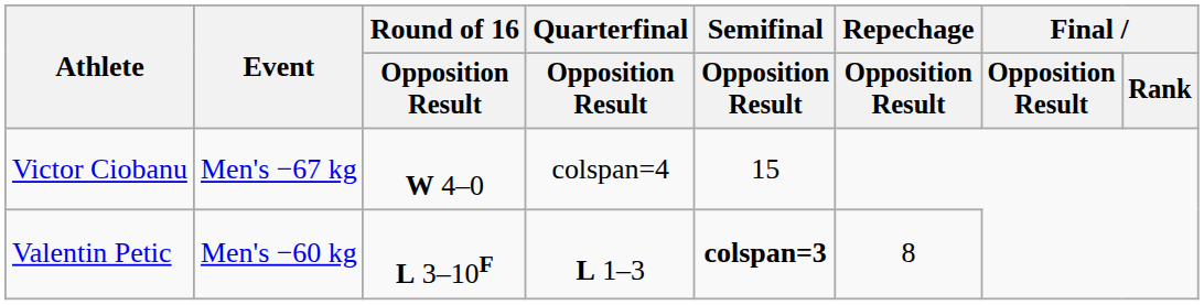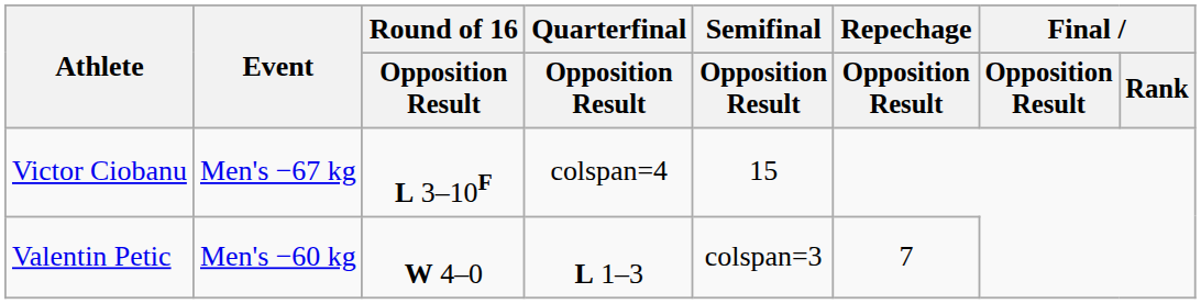 <table class="wikitable" style="font-size:90%">
 <tr>
 <th rowspan=2>Athlete</th>
 <th rowspan=2>Event</th>
 <th>Round of 16</th>
 <th>Quarterfinal</th>
 <th>Semifinal</th>
 <th>Repechage</th>
 <th colspan=2>Final / </th>
 </tr>
 <tr style="font-size: 95%">
 <th>Opposition<br>Result</th>
 <th>Opposition<br>Result</th>
 <th>Opposition<br>Result</th>
 <th>Opposition<br>Result</th>
 <th>Opposition<br>Result</th>
 <th>Rank</th>
 </tr>
 <tr align=center>
 <td align=left><a href='#'>Victor Ciobanu</a></td>
 <td align=left><a href='#'>Men's −67 kg</a></td>
-<td><br> <strong>W</strong> 4–0</td>
+<td> <br><strong>L</strong> 3–10<sup><strong>F</strong></sup></td>
 <td>colspan=4 </td>
 <td>15</td>
 </tr>
 <tr align=center>
 <td align=left><a href='#'>Valentin Petic</a></td>
 <td align=left><a href='#'>Men's −60 kg</a></td>
-<td> <br><strong>L</strong> 3–10<sup><strong>F</strong></sup></td>
+<td><br> <strong>W</strong> 4–0</td>
 <td><br> <strong>L</strong> 1–3</td>
-<td><strong>colspan=3 </strong></td>
-<td>8</td>
+<td>colspan=3 </td>
+<td>7</td>
 </tr>
 </table>
